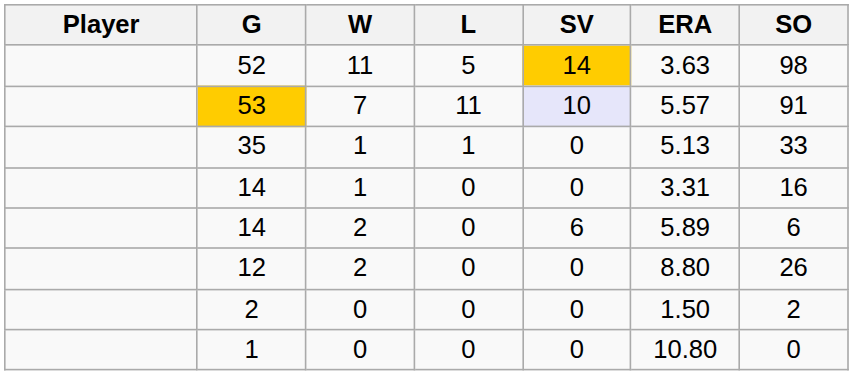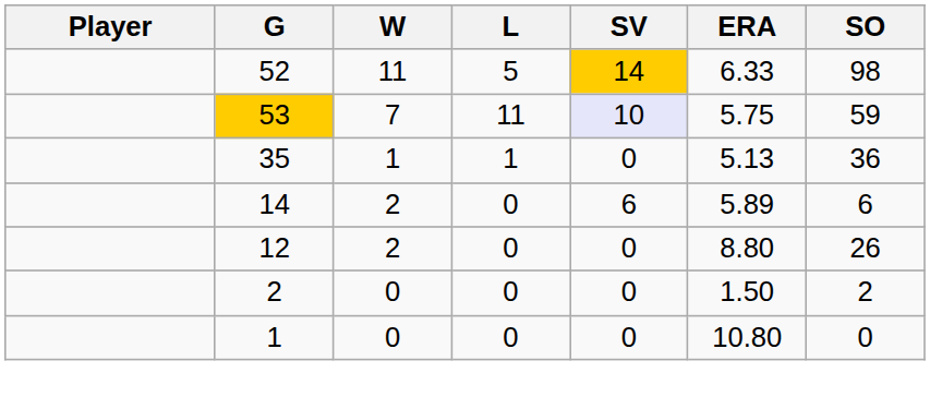 <table class="wikitable sortable">
 <tr>
 <th width="16%">Player</th>
 <th width="9%">G</th>
 <th width="9%">W</th>
 <th width="9%">L</th>
 <th width="9%">SV</th>
 <th width="9%">ERA</th>
 <th width="9%">SO</th>
 </tr>
 <tr align="center">
 <td></td>
 <td>52</td>
 <td>11</td>
 <td>5</td>
 <td style="background:#fc0;">14</td>
-<td>3.63</td>
+<td>6.33</td>
 <td>98</td>
 </tr>
 <tr align=center>
 <td></td>
 <td style="background:#fc0;">53</td>
 <td>7</td>
 <td>11</td>
 <td style="background: lavender;">10</td>
-<td>5.57</td>
-<td>91</td>
+<td>5.75</td>
+<td>59</td>
 </tr>
 <tr align="center">
 <td></td>
 <td>35</td>
 <td>1</td>
 <td>1</td>
 <td>0</td>
 <td>5.13</td>
-<td>33</td>
-</tr>
-<tr align="center">
-<td></td>
-<td>14</td>
-<td>1</td>
-<td>0</td>
-<td>0</td>
-<td>3.31</td>
-<td>16</td>
+<td>36</td>
 </tr>
 <tr align="center">
 <td></td>
 <td>14</td>
 <td>2</td>
 <td>0</td>
 <td>6</td>
 <td>5.89</td>
 <td>6</td>
 </tr>
 <tr align="center">
 <td></td>
 <td>12</td>
 <td>2</td>
 <td>0</td>
 <td>0</td>
 <td>8.80</td>
 <td>26</td>
 </tr>
 <tr align="center">
 <td></td>
 <td>2</td>
 <td>0</td>
 <td>0</td>
 <td>0</td>
 <td>1.50</td>
 <td>2</td>
 </tr>
 <tr align="center">
 <td></td>
 <td>1</td>
 <td>0</td>
 <td>0</td>
 <td>0</td>
 <td>10.80</td>
 <td>0</td>
 </tr>
 </table>
